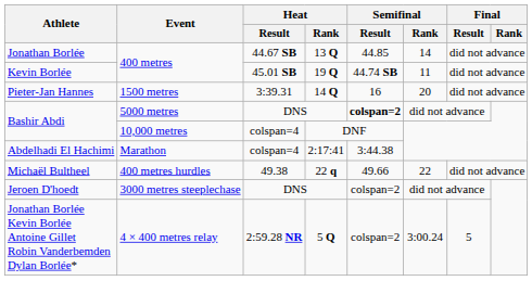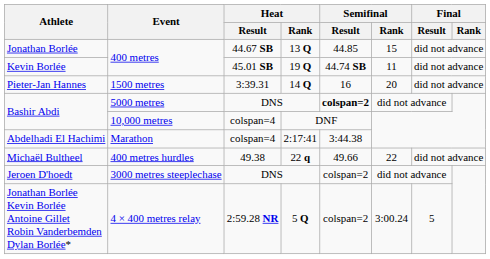 <table class="wikitable" style="font-size:90%">
 <tr>
 <th rowspan="2">Athlete</th>
 <th rowspan="2">Event</th>
 <th colspan="2">Heat</th>
 <th colspan="2">Semifinal</th>
 <th colspan="2">Final</th>
 </tr>
 <tr style="font-size:95%">
 <th>Result</th>
 <th>Rank</th>
 <th>Result</th>
 <th>Rank</th>
 <th>Result</th>
 <th>Rank</th>
 </tr>
 <tr style=text-align:center>
 <td style=text-align:left><a href='#'>Jonathan Borlée</a></td>
 <td style=text-align:left rowspan=2><a href='#'>400 metres</a></td>
 <td>44.67 <strong>SB</strong></td>
 <td>13 <strong>Q</strong></td>
 <td>44.85</td>
-<td>14</td>
+<td>15</td>
 <td colspan="2">did not advance</td>
 </tr>
 <tr style=text-align:center>
 <td style=text-align:left><a href='#'>Kevin Borlée</a></td>
 <td>45.01 <strong>SB</strong></td>
 <td>19 <strong>Q</strong></td>
 <td>44.74 <strong>SB</strong></td>
 <td>11</td>
 <td colspan="2">did not advance</td>
 </tr>
 <tr style=text-align:center>
 <td style=text-align:left><a href='#'>Pieter-Jan Hannes</a></td>
 <td style=text-align:left><a href='#'>1500 metres</a></td>
 <td>3:39.31</td>
 <td>14 <strong>Q</strong></td>
 <td>16</td>
 <td>20</td>
 <td colspan="2">did not advance</td>
 </tr>
 <tr style=text-align:center>
 <td style=text-align:left rowspan=2><a href='#'>Bashir Abdi</a></td>
 <td style=text-align:left><a href='#'>5000 metres</a></td>
 <td colspan="2">DNS</td>
 <td><strong>colspan=2 </strong></td>
 <td colspan="2">did not advance</td>
 </tr>
 <tr style=text-align:center>
 <td style=text-align:left><a href='#'>10,000 metres</a></td>
 <td>colspan=4 </td>
 <td colspan="2">DNF</td>
 </tr>
 <tr style=text-align:center>
 <td style=text-align:left><a href='#'>Abdelhadi El Hachimi</a></td>
 <td style=text-align:left><a href='#'>Marathon</a></td>
 <td>colspan=4 </td>
 <td>2:17:41</td>
 <td>3:44.38</td>
 </tr>
 <tr style=text-align:center>
 <td style=text-align:left><a href='#'>Michaël Bultheel</a></td>
 <td style=text-align:left><a href='#'>400 metres hurdles</a></td>
 <td>49.38</td>
 <td>22 <strong>q</strong></td>
 <td>49.66</td>
 <td>22</td>
 <td colspan="2">did not advance</td>
 </tr>
 <tr style=text-align:center>
 <td style=text-align:left><a href='#'>Jeroen D'hoedt</a></td>
 <td style=text-align:left><a href='#'>3000 metres steeplechase</a></td>
 <td colspan="2">DNS</td>
 <td>colspan=2 </td>
 <td colspan="2">did not advance</td>
 </tr>
 <tr style=text-align:center>
 <td style=text-align:left><a href='#'>Jonathan Borlée</a><br><a href='#'>Kevin Borlée</a><br><a href='#'>Antoine Gillet</a><br><a href='#'>Robin Vanderbemden</a><br><a href='#'>Dylan Borlée</a>*</td>
 <td style=text-align:left><a href='#'>4 × 400 metres relay</a></td>
 <td>2:59.28 <strong><a href='#'>NR</a></strong></td>
 <td>5 <strong>Q</strong></td>
 <td>colspan=2 </td>
 <td>3:00.24</td>
 <td>5</td>
 </tr>
 </table>
